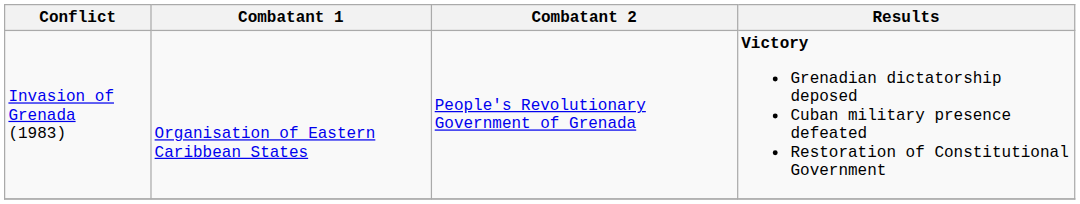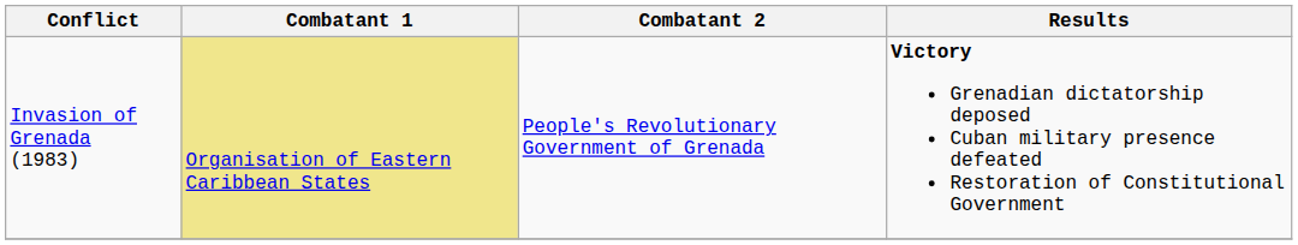 <table class="wikitable">
 <tr>
 <th>Conflict</th>
 <th>Combatant 1</th>
 <th>Combatant 2</th>
 <th>Results</th>
 </tr>
 <tr>
 <td><a href='#'>Invasion of Grenada</a><br>(1983)</td>
-<td><br><br><br><a href='#'>Organisation of Eastern Caribbean States</a></td>
+<td style="background: khaki;"><br><br><br><a href='#'>Organisation of Eastern Caribbean States</a></td>
 <td> <a href='#'>People's Revolutionary Government of Grenada</a><br></td>
 <td><strong>Victory</strong><br><ul><li>Grenadian dictatorship deposed</li><li>Cuban military presence defeated</li><li>Restoration of Constitutional Government</li></ul></td>
 </tr>
 <tr>
 </tr>
 </table>
